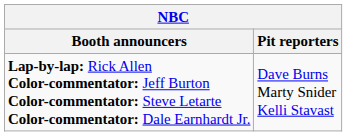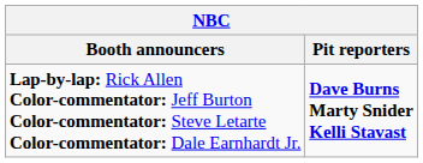 <table class="wikitable" style="font-size: 95%">
 <tr>
 <th colspan="2"><a href='#'>NBC</a></th>
 </tr>
 <tr>
 <th>Booth announcers</th>
 <th>Pit reporters</th>
 </tr>
 <tr>
 <td><strong>Lap-by-lap:</strong> <a href='#'>Rick Allen</a><br><strong>Color-commentator:</strong> <a href='#'>Jeff Burton</a><br><strong>Color-commentator:</strong> <a href='#'>Steve Letarte</a><br><strong>Color-commentator:</strong> <a href='#'>Dale Earnhardt Jr.</a></td>
-<td><a href='#'>Dave Burns</a><br>Marty Snider<br><a href='#'>Kelli Stavast</a></td>
+<td><strong><a href='#'>Dave Burns</a><br>Marty Snider<br><a href='#'>Kelli Stavast</a></strong></td>
 </tr>
 </table>
